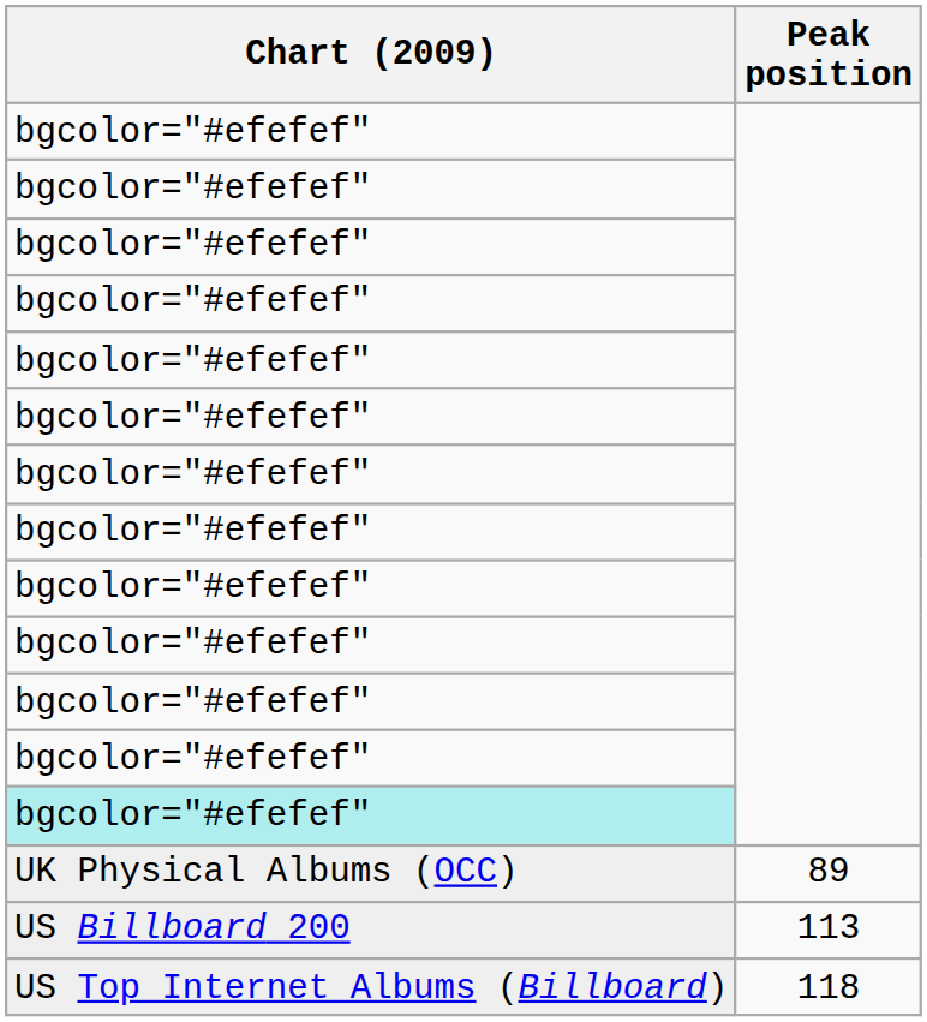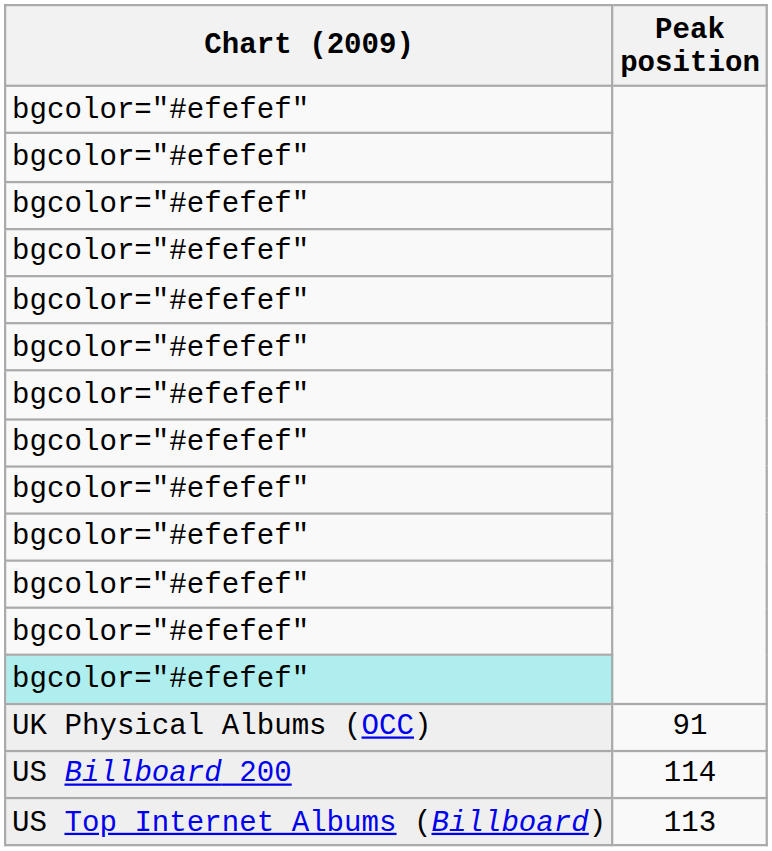 <table class="wikitable sortable plainrowheaders">
 <tr>
 <th>Chart (2009)</th>
 <th>Peak<br>position</th>
 </tr>
 <tr>
 <td>bgcolor="#efefef" </td>
 </tr>
 <tr>
 <td>bgcolor="#efefef" </td>
 </tr>
 <tr>
 <td>bgcolor="#efefef" </td>
 </tr>
 <tr>
 <td>bgcolor="#efefef" </td>
 </tr>
 <tr>
 <td>bgcolor="#efefef" </td>
 </tr>
 <tr>
 <td>bgcolor="#efefef" </td>
 </tr>
 <tr>
 <td>bgcolor="#efefef" </td>
 </tr>
 <tr>
 <td>bgcolor="#efefef" </td>
 </tr>
 <tr>
 <td>bgcolor="#efefef" </td>
 </tr>
 <tr>
 <td>bgcolor="#efefef" </td>
 </tr>
 <tr>
 <td>bgcolor="#efefef" </td>
 </tr>
 <tr>
 <td>bgcolor="#efefef" </td>
 </tr>
 <tr>
 <td style="background: paleturquoise;">bgcolor="#efefef" </td>
 </tr>
 <tr>
 <td bgcolor="#efefef">UK Physical Albums (<a href='#'>OCC</a>)</td>
-<td align="center">89</td>
+<td align="center">91</td>
 </tr>
 <tr>
 <td bgcolor="#efefef">US <a href='#'><em>Billboard</em> 200</a></td>
-<td align="center">113</td>
+<td align="center">114</td>
 </tr>
 <tr>
 <td bgcolor="#efefef">US <a href='#'>Top Internet Albums</a> (<a href='#'><em>Billboard</em></a>)</td>
-<td align="center">118</td>
+<td align="center">113</td>
 </tr>
 </table>
